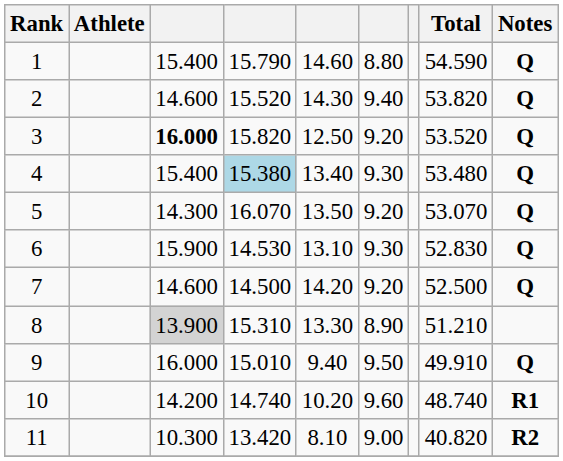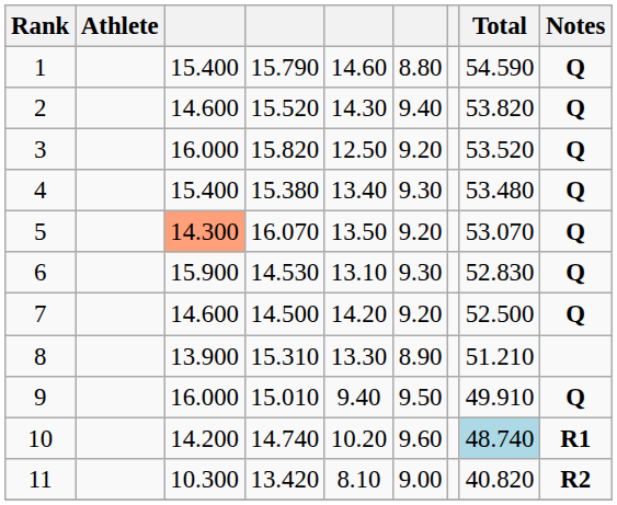 <table class="wikitable sortable" style="text-align:center; font-size:95%">
 <tr>
 <th>Rank</th>
 <th>Athlete</th>
 <th></th>
 <th></th>
 <th></th>
 <th></th>
 <th></th>
 <th>Total</th>
 <th>Notes</th>
 </tr>
 <tr>
 <td>1</td>
 <td align=left></td>
 <td>15.400</td>
 <td>15.790</td>
 <td>14.60</td>
 <td>8.80</td>
 <td></td>
 <td>54.590</td>
 <td><strong>Q</strong></td>
 </tr>
 <tr>
 <td>2</td>
 <td align=left></td>
 <td>14.600</td>
 <td>15.520</td>
 <td>14.30</td>
 <td>9.40</td>
 <td></td>
 <td>53.820</td>
 <td><strong>Q</strong></td>
 </tr>
 <tr>
 <td>3</td>
 <td align=left></td>
-<td><strong>16.000</strong></td>
+<td>16.000</td>
 <td>15.820</td>
 <td>12.50</td>
 <td>9.20</td>
 <td></td>
 <td>53.520</td>
 <td><strong>Q</strong></td>
 </tr>
 <tr>
 <td>4</td>
 <td align=left></td>
 <td>15.400</td>
-<td style="background: lightblue;">15.380</td>
+<td>15.380</td>
 <td>13.40</td>
 <td>9.30</td>
 <td></td>
 <td>53.480</td>
 <td><strong>Q</strong></td>
 </tr>
 <tr>
 <td>5</td>
 <td align=left></td>
-<td>14.300</td>
+<td style="background: lightsalmon;">14.300</td>
 <td>16.070</td>
 <td>13.50</td>
 <td>9.20</td>
 <td></td>
 <td>53.070</td>
 <td><strong>Q</strong></td>
 </tr>
 <tr>
 <td>6</td>
 <td align=left></td>
 <td>15.900</td>
 <td>14.530</td>
 <td>13.10</td>
 <td>9.30</td>
 <td></td>
 <td>52.830</td>
 <td><strong>Q</strong></td>
 </tr>
 <tr>
 <td>7</td>
 <td align=left></td>
 <td>14.600</td>
 <td>14.500</td>
 <td>14.20</td>
 <td>9.20</td>
 <td></td>
 <td>52.500</td>
 <td><strong>Q</strong></td>
 </tr>
 <tr>
 <td>8</td>
 <td align=left></td>
-<td style="background: lightgrey;">13.900</td>
+<td>13.900</td>
 <td>15.310</td>
 <td>13.30</td>
 <td>8.90</td>
 <td></td>
 <td>51.210</td>
 <td></td>
 </tr>
 <tr>
 <td>9</td>
 <td align=left></td>
 <td>16.000</td>
 <td>15.010</td>
 <td>9.40</td>
 <td>9.50</td>
 <td></td>
 <td>49.910</td>
 <td><strong>Q</strong></td>
 </tr>
 <tr>
 <td>10</td>
 <td align=left></td>
 <td>14.200</td>
 <td>14.740</td>
 <td>10.20</td>
 <td>9.60</td>
 <td></td>
-<td>48.740</td>
+<td style="background: lightblue;">48.740</td>
 <td><strong>R1</strong></td>
 </tr>
 <tr>
 <td>11</td>
 <td align=left></td>
 <td>10.300</td>
 <td>13.420</td>
 <td>8.10</td>
 <td>9.00</td>
 <td></td>
 <td>40.820</td>
 <td><strong>R2</strong></td>
 </tr>
 <tr>
 </tr>
 </table>
